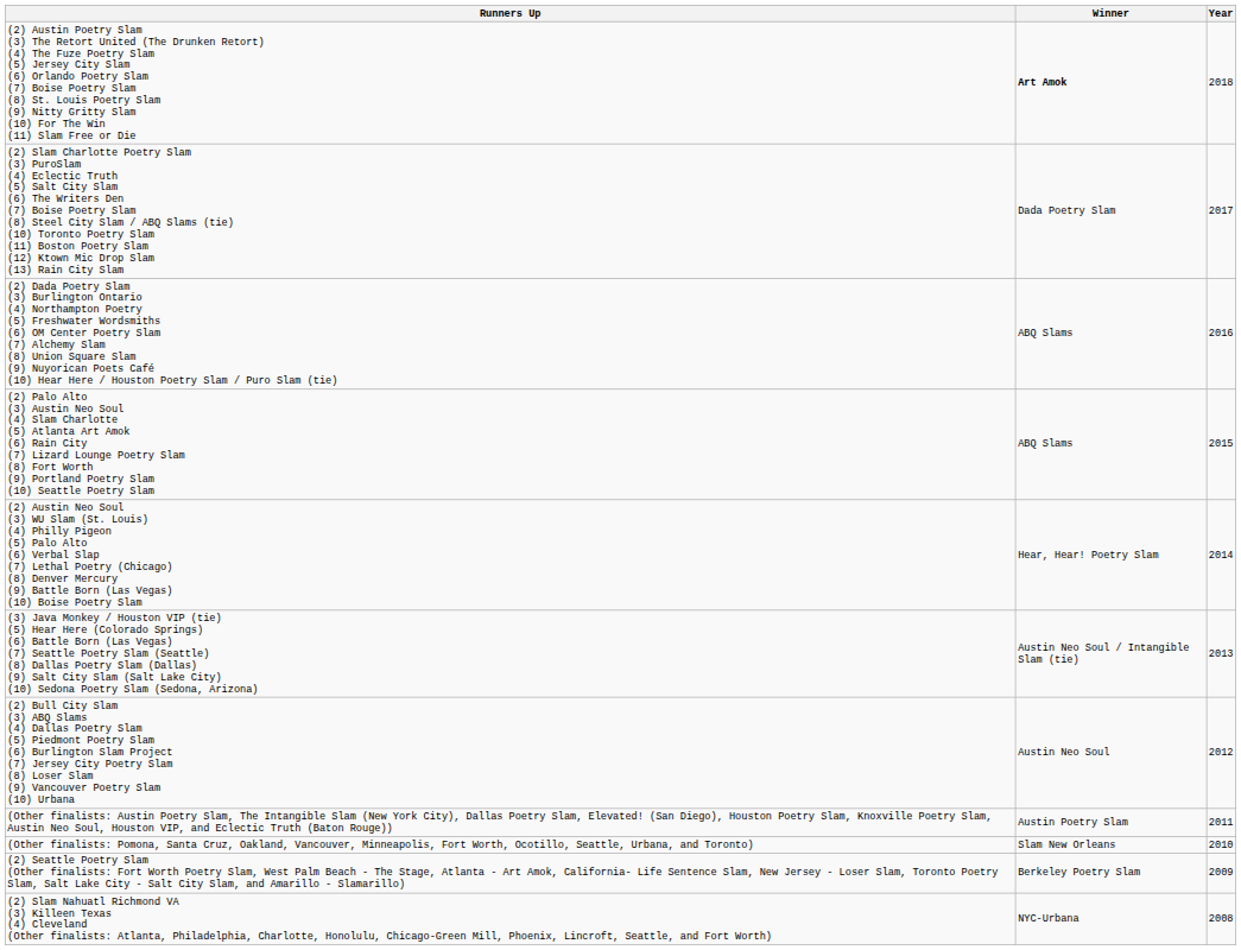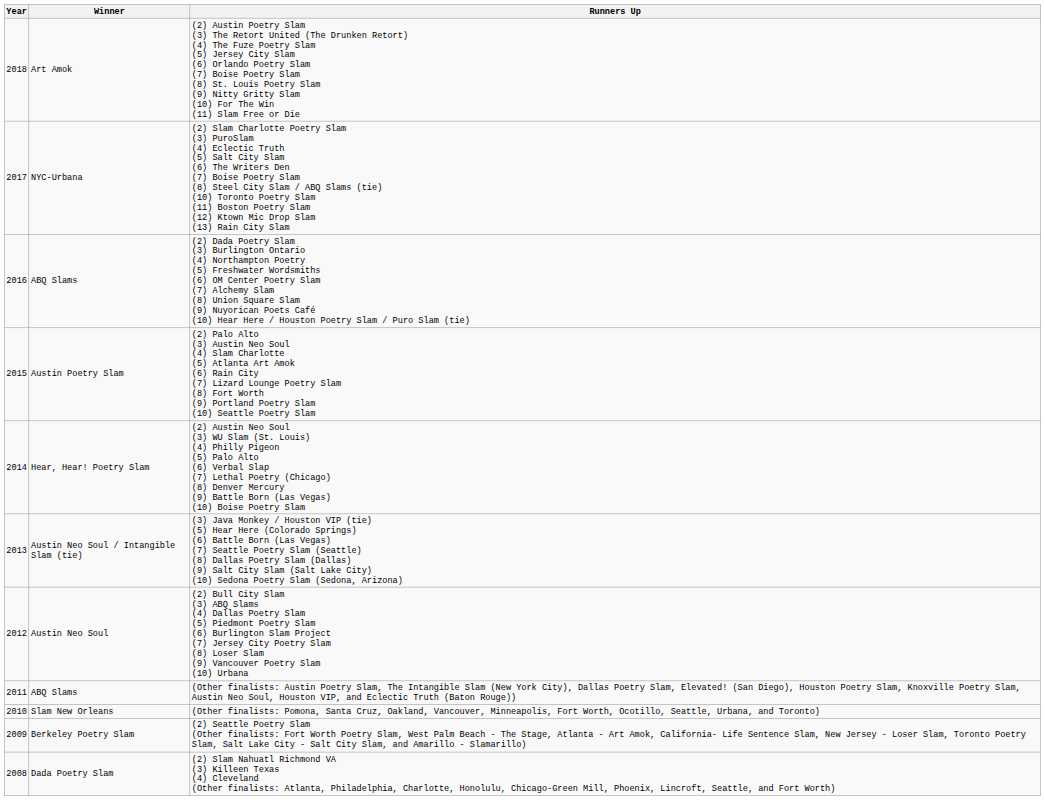 <table class="wikitable">
 <tr>
+<th>Year</th>
+<th>Winner</th>
 <th>Runners Up</th>
-<th>Winner</th>
-<th>Year</th>
 </tr>
 <tr>
+<td>2018</td>
+<td>Art Amok</td>
 <td>(2) Austin Poetry Slam<br>(3) The Retort United (The Drunken Retort)<br>(4) The Fuze Poetry Slam<br>(5) Jersey City Slam<br>(6) Orlando Poetry Slam<br>(7) Boise Poetry Slam<br>(8) St. Louis Poetry Slam<br>(9) Nitty Gritty Slam<br>(10) For The Win<br>(11) Slam Free or Die</td>
-<td><strong>Art Amok</strong></td>
-<td>2018</td>
 </tr>
 <tr>
+<td>2017</td>
+<td>NYC-Urbana</td>
 <td>(2) Slam Charlotte Poetry Slam<br>(3) PuroSlam<br>(4) Eclectic Truth<br>(5) Salt City Slam<br>(6) The Writers Den<br>(7) Boise Poetry Slam<br>(8) Steel City Slam / ABQ Slams (tie)<br>(10) Toronto Poetry Slam<br>(11) Boston Poetry Slam<br>(12) Ktown Mic Drop Slam<br>(13) Rain City Slam</td>
-<td>Dada Poetry Slam</td>
-<td>2017</td>
 </tr>
 <tr>
+<td>2016</td>
+<td>ABQ Slams</td>
 <td>(2) Dada Poetry Slam<br>(3) Burlington Ontario<br>(4) Northampton Poetry<br>(5) Freshwater Wordsmiths<br>(6) OM Center Poetry Slam<br>(7) Alchemy Slam<br>(8) Union Square Slam<br>(9) Nuyorican Poets Café <br>(10) Hear Here / Houston Poetry Slam / Puro Slam (tie)</td>
-<td>ABQ Slams</td>
-<td>2016</td>
 </tr>
 <tr>
+<td>2015</td>
+<td>Austin Poetry Slam</td>
 <td>(2) Palo Alto<br>(3) Austin Neo Soul<br>(4) Slam Charlotte<br>(5) Atlanta Art Amok<br>(6) Rain City<br>(7) Lizard Lounge Poetry Slam<br>(8) Fort Worth<br>(9) Portland Poetry Slam<br>(10) Seattle Poetry Slam</td>
-<td>ABQ Slams</td>
-<td>2015</td>
 </tr>
 <tr>
+<td>2014</td>
+<td>Hear, Hear! Poetry Slam</td>
 <td>(2) Austin Neo Soul<br>(3) WU Slam (St. Louis)<br>(4) Philly Pigeon<br>(5) Palo Alto<br>(6) Verbal Slap<br>(7) Lethal Poetry (Chicago)<br>(8) Denver Mercury<br>(9) Battle Born (Las Vegas)<br>(10) Boise Poetry Slam</td>
-<td>Hear, Hear! Poetry Slam</td>
-<td>2014</td>
 </tr>
 <tr>
+<td>2013</td>
+<td>Austin Neo Soul / Intangible Slam (tie)</td>
 <td>(3) Java Monkey / Houston VIP (tie)<br>(5) Hear Here (Colorado Springs)<br>(6) Battle Born (Las Vegas)<br>(7) Seattle Poetry Slam (Seattle)<br>(8) Dallas Poetry Slam (Dallas)<br>(9) Salt City Slam (Salt Lake City)<br>(10) Sedona Poetry Slam (Sedona, Arizona)</td>
-<td>Austin Neo Soul / Intangible Slam (tie)</td>
-<td>2013</td>
 </tr>
 <tr>
+<td>2012</td>
+<td>Austin Neo Soul</td>
 <td>(2) Bull City Slam<br>(3) ABQ Slams<br>(4) Dallas Poetry Slam<br>(5) Piedmont Poetry Slam<br>(6) Burlington Slam Project<br>(7) Jersey City Poetry Slam<br>(8) Loser Slam<br>(9) Vancouver Poetry Slam<br>(10) Urbana</td>
-<td>Austin Neo Soul</td>
-<td>2012</td>
 </tr>
 <tr>
+<td>2011</td>
+<td>ABQ Slams</td>
 <td>(Other finalists: Austin Poetry Slam, The Intangible Slam (New York City), Dallas Poetry Slam, Elevated! (San Diego), Houston Poetry Slam, Knoxville Poetry Slam, Austin Neo Soul, Houston VIP, and Eclectic Truth (Baton Rouge))</td>
-<td>Austin Poetry Slam</td>
-<td>2011</td>
 </tr>
 <tr>
+<td>2010</td>
+<td>Slam New Orleans</td>
 <td>(Other finalists: Pomona, Santa Cruz, Oakland, Vancouver, Minneapolis, Fort Worth, Ocotillo, Seattle, Urbana, and Toronto)</td>
-<td>Slam New Orleans</td>
-<td>2010</td>
 </tr>
 <tr>
+<td>2009</td>
+<td>Berkeley Poetry Slam</td>
 <td>(2) Seattle Poetry Slam<br>(Other finalists: Fort Worth Poetry Slam, West Palm Beach - The Stage, Atlanta - Art Amok, California- Life Sentence Slam, New Jersey - Loser Slam, Toronto Poetry Slam, Salt Lake City - Salt City Slam, and Amarillo - Slamarillo)</td>
-<td>Berkeley Poetry Slam</td>
-<td>2009</td>
 </tr>
 <tr>
+<td>2008</td>
+<td>Dada Poetry Slam</td>
 <td>(2) Slam Nahuatl Richmond VA<br>(3) Killeen Texas<br>(4) Cleveland<br>(Other finalists: Atlanta, Philadelphia, Charlotte, Honolulu, Chicago-Green Mill, Phoenix, Lincroft, Seattle, and Fort Worth)</td>
-<td>NYC-Urbana</td>
-<td>2008</td>
 </tr>
 </table>
